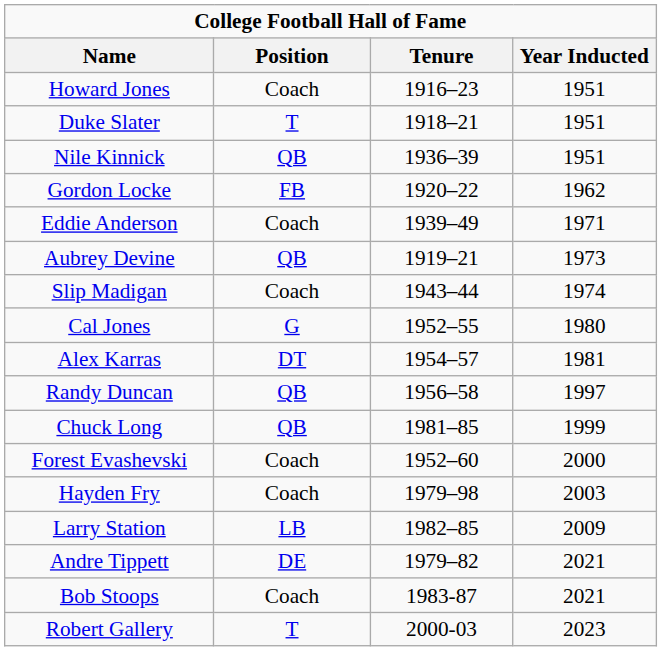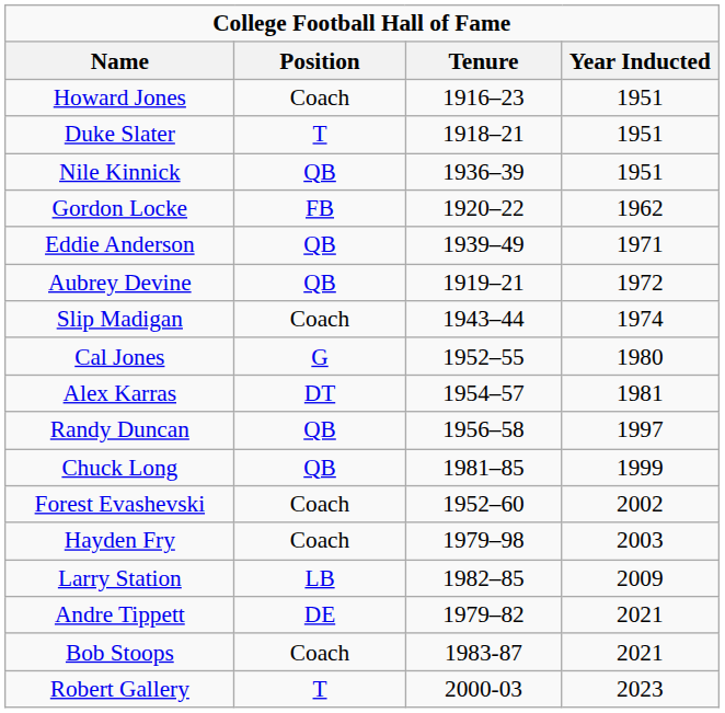 <table class="wikitable sortable" style="text-align:center">
 <tr>
 <td colspan="5"><strong>College Football Hall of Fame</strong></td>
 </tr>
 <tr>
 <th style="width:150px; ">Name</th>
 <th style="width:110px; ">Position</th>
 <th style="width:100px; ">Tenure</th>
 <th style="width:100px; ">Year Inducted</th>
 </tr>
 <tr>
 <td><a href='#'>Howard Jones</a></td>
 <td>Coach</td>
 <td>1916–23</td>
 <td>1951</td>
 </tr>
 <tr>
 <td><a href='#'>Duke Slater</a></td>
 <td><a href='#'>T</a></td>
 <td>1918–21</td>
 <td>1951</td>
 </tr>
 <tr>
 <td><a href='#'>Nile Kinnick</a></td>
 <td><a href='#'>QB</a></td>
 <td>1936–39</td>
 <td>1951</td>
 </tr>
 <tr>
 <td><a href='#'>Gordon Locke</a></td>
 <td><a href='#'>FB</a></td>
 <td>1920–22</td>
 <td>1962</td>
 </tr>
 <tr>
 <td><a href='#'>Eddie Anderson</a></td>
-<td>Coach</td>
+<td><a href='#'>QB</a></td>
 <td>1939–49</td>
 <td>1971</td>
 </tr>
 <tr>
 <td><a href='#'>Aubrey Devine</a></td>
 <td><a href='#'>QB</a></td>
 <td>1919–21</td>
-<td>1973</td>
+<td>1972</td>
 </tr>
 <tr>
 <td><a href='#'>Slip Madigan</a></td>
 <td>Coach</td>
 <td>1943–44</td>
 <td>1974</td>
 </tr>
 <tr>
 <td><a href='#'>Cal Jones</a></td>
 <td><a href='#'>G</a></td>
 <td>1952–55</td>
 <td>1980</td>
 </tr>
 <tr>
 <td><a href='#'>Alex Karras</a></td>
 <td><a href='#'>DT</a></td>
 <td>1954–57</td>
 <td>1981</td>
 </tr>
 <tr>
 <td><a href='#'>Randy Duncan</a></td>
 <td><a href='#'>QB</a></td>
 <td>1956–58</td>
 <td>1997</td>
 </tr>
 <tr>
 <td><a href='#'>Chuck Long</a></td>
 <td><a href='#'>QB</a></td>
 <td>1981–85</td>
 <td>1999</td>
 </tr>
 <tr>
 <td><a href='#'>Forest Evashevski</a></td>
 <td>Coach</td>
 <td>1952–60</td>
-<td>2000</td>
+<td>2002</td>
 </tr>
 <tr>
 <td><a href='#'>Hayden Fry</a></td>
 <td>Coach</td>
 <td>1979–98</td>
 <td>2003</td>
 </tr>
 <tr>
 <td><a href='#'>Larry Station</a></td>
 <td><a href='#'>LB</a></td>
 <td>1982–85</td>
 <td>2009</td>
 </tr>
 <tr>
 <td><a href='#'>Andre Tippett</a></td>
 <td><a href='#'>DE</a></td>
 <td>1979–82</td>
 <td>2021</td>
 </tr>
 <tr>
 <td><a href='#'>Bob Stoops</a></td>
 <td>Coach</td>
 <td>1983-87</td>
 <td>2021</td>
 </tr>
 <tr>
 <td><a href='#'>Robert Gallery</a></td>
 <td><a href='#'>T</a></td>
 <td>2000-03</td>
 <td>2023</td>
 </tr>
 </table>
